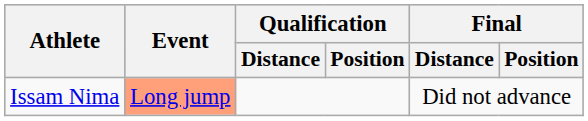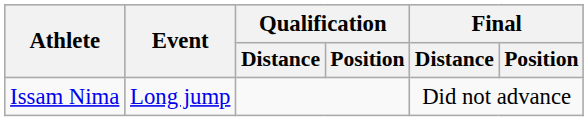 <table class=wikitable style="font-size:90%">
 <tr>
 <th rowspan="2">Athlete</th>
 <th rowspan="2">Event</th>
 <th colspan="2">Qualification</th>
 <th colspan="2">Final</th>
 </tr>
 <tr style="font-size:95%">
 <th>Distance</th>
 <th>Position</th>
 <th>Distance</th>
 <th>Position</th>
 </tr>
 <tr align=center>
 <td align=left><a href='#'>Issam Nima</a></td>
-<td align=left style="background: lightsalmon;"><a href='#'>Long jump</a></td>
+<td align=left><a href='#'>Long jump</a></td>
 <td colspan=2></td>
 <td colspan=2>Did not advance</td>
 </tr>
 </table>
